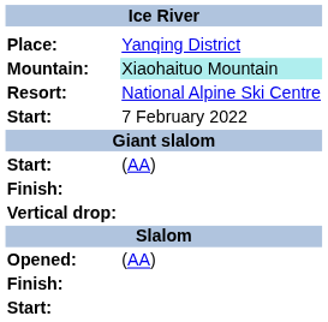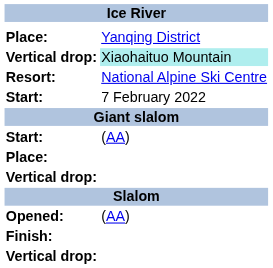 <table border=0 class="toccolours float-right" align="right" style="margin:0 0 0.5em 1em; font-size: 85%;">
 <tr>
 <th bgcolor=#b0c4de colspan=2 align="center">Ice River</th>
 </tr>
 <tr>
 <td align="center" colspan=2></td>
 </tr>
 <tr>
 <td><strong>Place:</strong></td>
 <td> <a href='#'>Yanqing District</a></td>
 </tr>
 <tr>
-<td><strong>Mountain:</strong></td>
+<td><strong>Vertical drop:</strong></td>
 <td style="background: paleturquoise;">Xiaohaituo Mountain</td>
 </tr>
 <tr>
 <td><strong>Resort:</strong></td>
 <td><a href='#'>National Alpine Ski Centre</a></td>
 </tr>
 <tr>
 <td><strong>Start:</strong></td>
 <td>7 February 2022</td>
 </tr>
 <tr>
 <th bgcolor=#b0c4de colspan=2 align="center">Giant slalom</th>
 </tr>
 <tr>
 <td><strong>Start:</strong></td>
 <td> (<a href='#'>AA</a>)</td>
 </tr>
 <tr>
-<td><strong>Finish:</strong></td>
+<td><strong>Place:</strong></td>
 <td></td>
 </tr>
 <tr>
 <td><strong>Vertical drop:</strong></td>
 <td></td>
 </tr>
 <tr>
 <th bgcolor=#b0c4de colspan=2 align="center">Slalom</th>
 </tr>
 <tr>
 <td><strong>Opened:</strong></td>
 <td> (<a href='#'>AA</a>)</td>
 </tr>
 <tr>
 <td><strong>Finish:</strong></td>
 <td></td>
 </tr>
 <tr>
-<td><strong>Start:</strong></td>
+<td><strong>Vertical drop:</strong></td>
 <td></td>
 </tr>
 </table>
